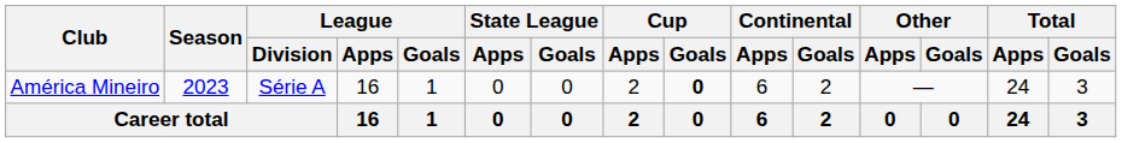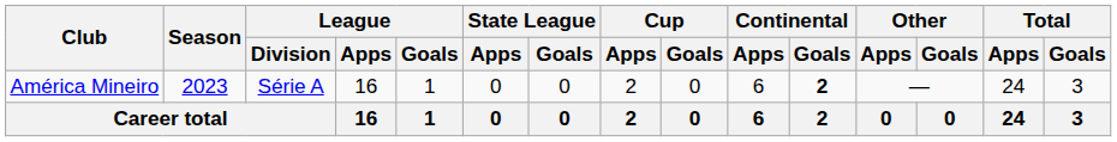 <table class="wikitable" style="text-align: center;">
 <tr>
 <th rowspan="2">Club</th>
 <th rowspan="2">Season</th>
 <th colspan="3">League</th>
 <th colspan="2">State League</th>
 <th colspan="2">Cup</th>
 <th colspan="2">Continental</th>
 <th colspan="2">Other</th>
 <th colspan="2">Total</th>
 </tr>
 <tr>
 <th>Division</th>
 <th>Apps</th>
 <th>Goals</th>
 <th>Apps</th>
 <th>Goals</th>
 <th>Apps</th>
 <th>Goals</th>
 <th>Apps</th>
 <th>Goals</th>
 <th>Apps</th>
 <th>Goals</th>
 <th>Apps</th>
 <th>Goals</th>
 </tr>
 <tr>
 <td><a href='#'>América Mineiro</a></td>
 <td><a href='#'>2023</a></td>
 <td><a href='#'>Série A</a></td>
 <td>16</td>
 <td>1</td>
 <td>0</td>
 <td>0</td>
 <td>2</td>
-<td><strong>0</strong></td>
+<td>0</td>
 <td>6</td>
-<td>2</td>
+<td><strong>2</strong></td>
 <td colspan=2>—</td>
 <td>24</td>
 <td>3</td>
 </tr>
 <tr>
 <th colspan=3><strong>Career total</strong></th>
 <th>16</th>
 <th>1</th>
 <th>0</th>
 <th>0</th>
 <th>2</th>
 <th>0</th>
 <th>6</th>
 <th>2</th>
 <th>0</th>
 <th>0</th>
 <th>24</th>
 <th>3</th>
 </tr>
 </table>
